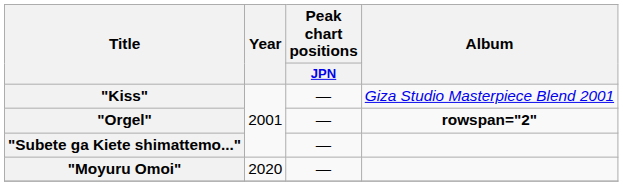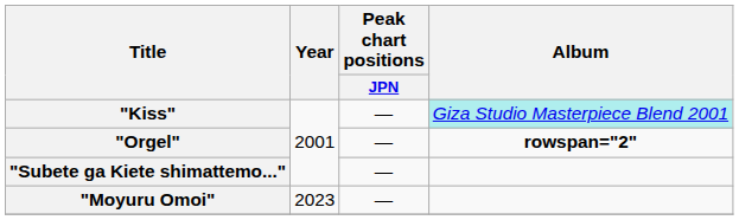 <table class="wikitable plainrowheaders" style="text-align:center;">
 <tr>
 <th scope="col" rowspan="2">Title</th>
 <th scope="col" rowspan="2">Year</th>
 <th colspan="1">Peak chart positions</th>
 <th scope="col" rowspan="2">Album</th>
 </tr>
 <tr>
 <th scope="col" style="width:3em;font-size:85%;"><a href='#'>JPN</a><br></th>
 </tr>
 <tr>
 <th scope="row">"Kiss"</th>
 <td rowspan="3">2001</td>
 <td>—</td>
-<td rowspan="1"><em><a href='#'>Giza Studio Masterpiece Blend 2001</a></em></td>
+<td rowspan="1" style="background: paleturquoise;"><em><a href='#'>Giza Studio Masterpiece Blend 2001</a></em></td>
 </tr>
 <tr>
 <th scope="row">"Orgel" </th>
 <td>—</td>
 <td><strong>rowspan="2" </strong></td>
 </tr>
 <tr>
 <th scope="row">"Subete ga Kiete shimattemo..."<br></th>
 <td>—</td>
 </tr>
 <tr>
 <th scope="row">"Moyuru Omoi" </th>
-<td>2020</td>
+<td>2023</td>
 <td>—</td>
 <td></td>
 </tr>
 <tr>
 </tr>
 </table>
